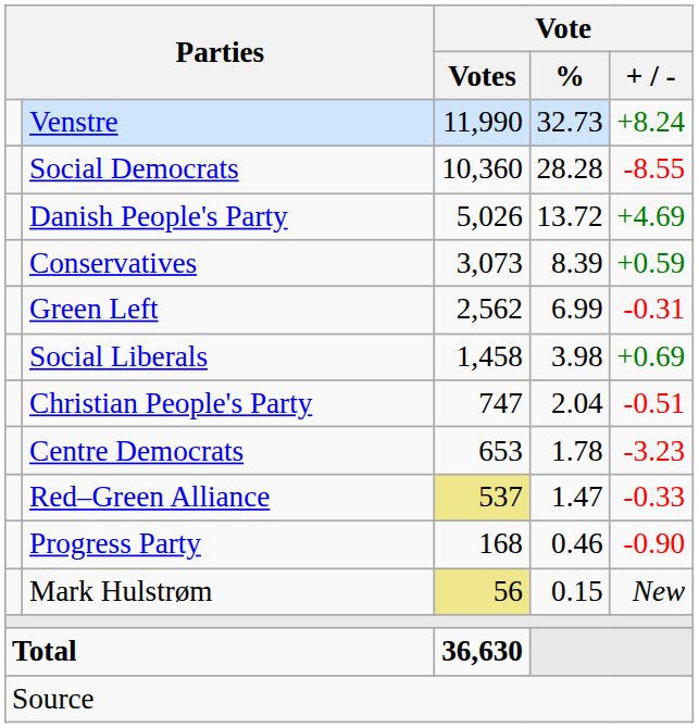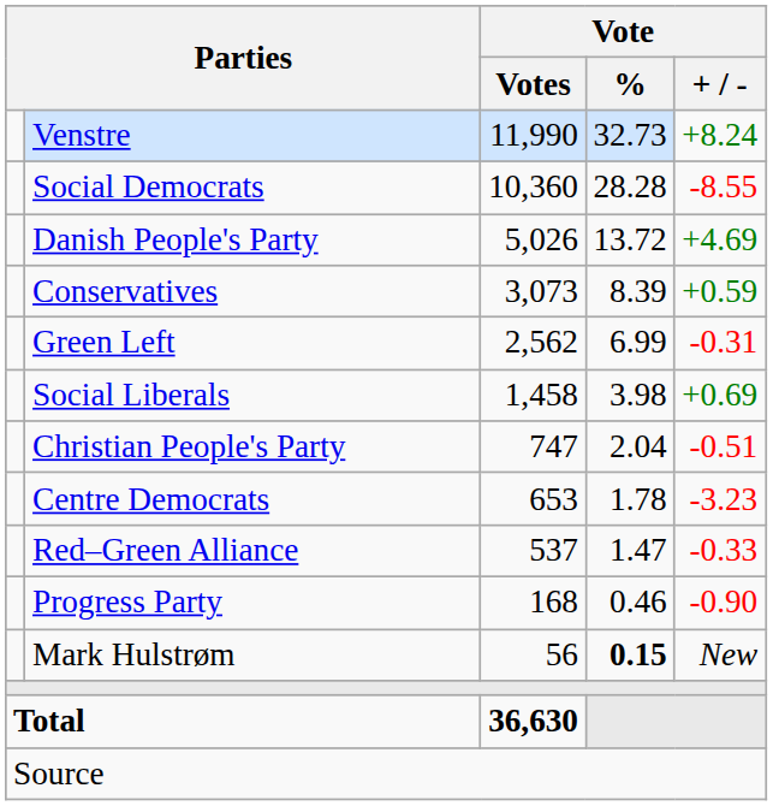 <table class="wikitable" style="text-align:right;">
 <tr>
 <th style="text-align:centre;" rowspan="2" colspan="2" width="225">Parties</th>
 <th colspan="3">Vote</th>
 </tr>
 <tr>
 <th width="15">Votes</th>
 <th width="15">%</th>
 <th width="15">+ / -</th>
 </tr>
 <tr>
 <td width="2" style="color:inherit;background:"></td>
 <td bgcolor=#cfe5fe  align="left"><a href='#'>Venstre</a></td>
 <td bgcolor=#cfe5fe>11,990</td>
 <td bgcolor=#cfe5fe>32.73</td>
 <td style=color:green;>+8.24</td>
 </tr>
 <tr>
 <td width="2" style="color:inherit;background:"></td>
 <td align="left"><a href='#'>Social Democrats</a></td>
 <td>10,360</td>
 <td>28.28</td>
 <td style=color:red;>-8.55</td>
 </tr>
 <tr>
 <td width="2" style="color:inherit;background:"></td>
 <td align="left"><a href='#'>Danish People's Party</a></td>
 <td>5,026</td>
 <td>13.72</td>
 <td style=color:green;>+4.69</td>
 </tr>
 <tr>
 <td width="2" style="color:inherit;background:"></td>
 <td align="left"><a href='#'>Conservatives</a></td>
 <td>3,073</td>
 <td>8.39</td>
 <td style=color:green;>+0.59</td>
 </tr>
 <tr>
 <td width="2" style="color:inherit;background:"></td>
 <td align="left"><a href='#'>Green Left</a></td>
 <td>2,562</td>
 <td>6.99</td>
 <td style=color:red;>-0.31</td>
 </tr>
 <tr>
 <td width="2" style="color:inherit;background:"></td>
 <td align="left"><a href='#'>Social Liberals</a></td>
 <td>1,458</td>
 <td>3.98</td>
 <td style=color:green;>+0.69</td>
 </tr>
 <tr>
 <td width="2" style="color:inherit;background:"></td>
 <td align="left"><a href='#'>Christian People's Party</a></td>
 <td>747</td>
 <td>2.04</td>
 <td style=color:red;>-0.51</td>
 </tr>
 <tr>
 <td width="2" style="color:inherit;background:"></td>
 <td align="left"><a href='#'>Centre Democrats</a></td>
 <td>653</td>
 <td>1.78</td>
 <td style=color:red;>-3.23</td>
 </tr>
 <tr>
 <td width="2" style="color:inherit;background:"></td>
 <td align="left"><a href='#'>Red–Green Alliance</a></td>
-<td style="background: khaki;">537</td>
+<td>537</td>
 <td>1.47</td>
 <td style=color:red;>-0.33</td>
 </tr>
 <tr>
 <td width="2" style="color:inherit;background:"></td>
 <td align="left"><a href='#'>Progress Party</a></td>
 <td>168</td>
 <td>0.46</td>
 <td style=color:red;>-0.90</td>
 </tr>
 <tr>
 <td width="2" style="color:inherit;background:"></td>
 <td align="left">Mark Hulstrøm</td>
-<td style="background: khaki;">56</td>
-<td>0.15</td>
+<td>56</td>
+<td><strong>0.15</strong></td>
 <td><em>New</em></td>
 </tr>
 <tr>
 <td colspan="7" bgcolor="#E9E9E9"></td>
 </tr>
 <tr>
 <td align="left" colspan="2"><strong>Total</strong></td>
 <td><strong>36,630</strong></td>
 <td bgcolor="#E9E9E9" colspan="2"></td>
 </tr>
 <tr>
 <td align="left" colspan="6">Source</td>
 </tr>
 </table>
